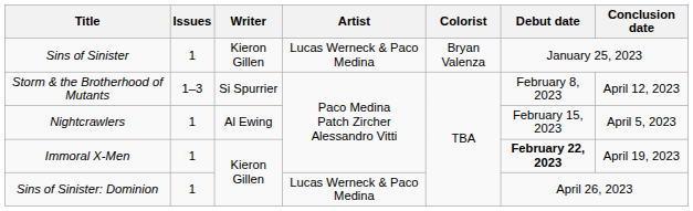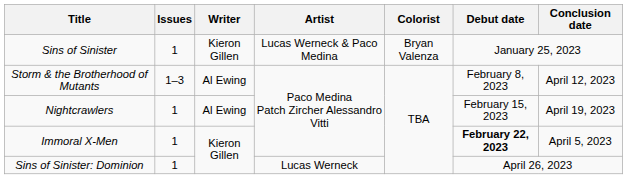 <table class="wikitable" style="text-align:center; width:100%">
 <tr>
 <th scope="col">Title</th>
 <th scope="col">Issues</th>
 <th scope="col">Writer</th>
 <th scope="col">Artist</th>
 <th scope="col">Colorist</th>
 <th scope="col">Debut date</th>
 <th scope="col">Conclusion date</th>
 </tr>
 <tr>
 <td><em>Sins of Sinister</em></td>
 <td>1</td>
 <td>Kieron Gillen</td>
 <td>Lucas Werneck & Paco Medina</td>
 <td>Bryan Valenza</td>
 <td colspan="2">January 25, 2023</td>
 </tr>
 <tr>
 <td><em>Storm & the Brotherhood of Mutants</em></td>
 <td>1–3</td>
-<td>Si Spurrier</td>
+<td>Al Ewing</td>
 <td rowspan="3">Paco Medina<br>Patch Zircher Alessandro Vitti</td>
 <td rowspan="4">TBA</td>
 <td>February 8, 2023</td>
 <td>April 12, 2023</td>
 </tr>
 <tr>
 <td><em>Nightcrawlers</em></td>
 <td>1</td>
 <td>Al Ewing</td>
 <td>February 15, 2023</td>
-<td>April 5, 2023</td>
+<td>April 19, 2023</td>
 </tr>
 <tr>
 <td><em>Immoral X-Men</em></td>
 <td>1</td>
 <td rowspan="2">Kieron Gillen</td>
 <td><strong>February 22, 2023</strong></td>
-<td>April 19, 2023</td>
+<td>April 5, 2023</td>
 </tr>
 <tr>
 <td><em>Sins of Sinister: Dominion</em></td>
 <td>1</td>
-<td>Lucas Werneck & Paco Medina</td>
+<td>Lucas Werneck</td>
 <td colspan="2">April 26, 2023</td>
 </tr>
 </table>
